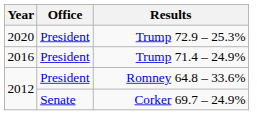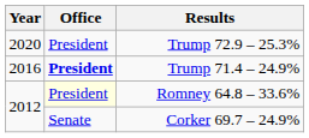 <table class=wikitable>
 <tr>
 <th width="30">Year</th>
 <th width="60">Office</th>
 <th width="180">Results</th>
 </tr>
 <tr>
 <td>2020</td>
 <td><a href='#'>President</a></td>
 <td align="right" ><a href='#'>Trump</a> 72.9 – 25.3%</td>
 </tr>
 <tr>
 <td>2016</td>
-<td><a href='#'>President</a></td>
+<td><strong><a href='#'>President</a></strong></td>
 <td align="right" ><a href='#'>Trump</a> 71.4 – 24.9%</td>
 </tr>
 <tr>
 <td rowspan="2">2012</td>
-<td><a href='#'>President</a></td>
+<td style="background: lightyellow;"><a href='#'>President</a></td>
 <td align="right" ><a href='#'>Romney</a> 64.8 – 33.6%</td>
 </tr>
 <tr>
 <td><a href='#'>Senate</a></td>
 <td align="right" ><a href='#'>Corker</a> 69.7 – 24.9%</td>
 </tr>
 </table>
